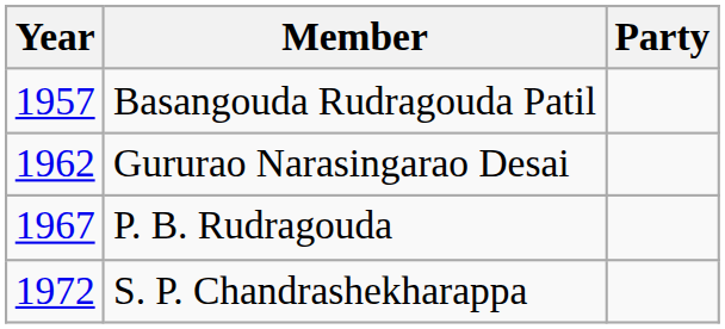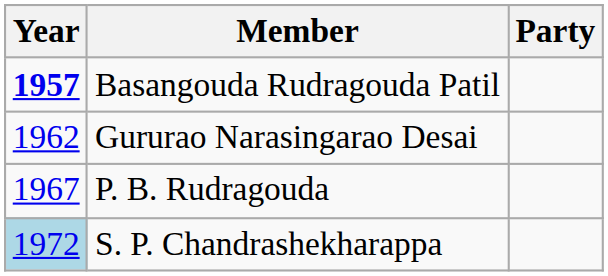 <table class="wikitable sortable">
 <tr>
 <th>Year</th>
 <th>Member</th>
 <th colspan="2">Party</th>
 </tr>
 <tr>
-<td><a href='#'>1957</a></td>
+<td><strong><a href='#'>1957</a></strong></td>
 <td>Basangouda Rudragouda Patil</td>
 <td></td>
 </tr>
 <tr>
 <td><a href='#'>1962</a></td>
 <td>Gururao Narasingarao Desai</td>
 <td></td>
 </tr>
 <tr>
 <td><a href='#'>1967</a></td>
 <td>P. B. Rudragouda</td>
 <td></td>
 </tr>
 <tr>
-<td><a href='#'>1972</a></td>
+<td style="background: lightblue;"><a href='#'>1972</a></td>
 <td>S. P. Chandrashekharappa</td>
 <td></td>
 </tr>
 </table>
